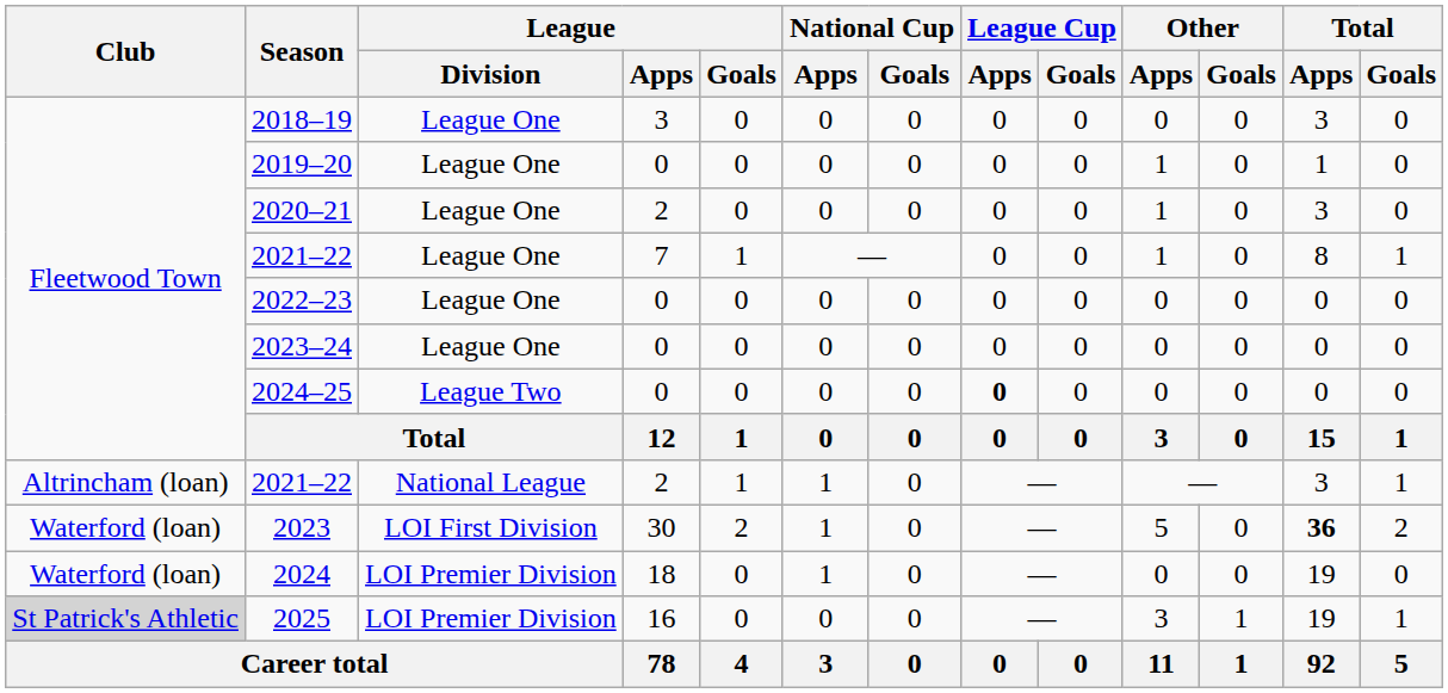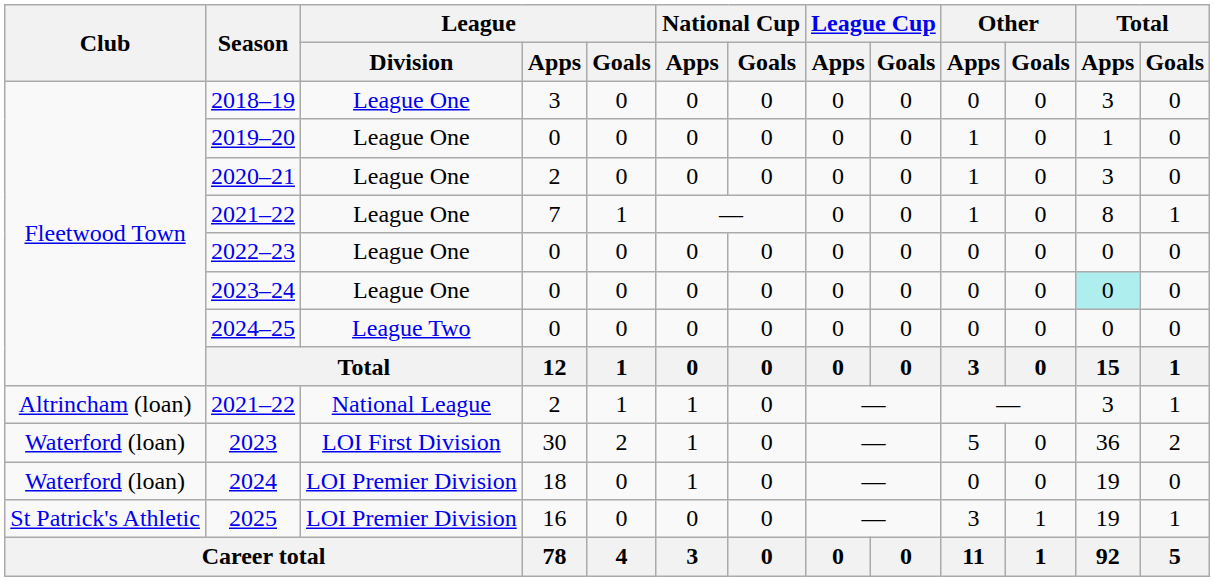 <table class=wikitable style="text-align: center">
 <tr>
 <th rowspan=2>Club</th>
 <th rowspan=2>Season</th>
 <th colspan=3>League</th>
 <th colspan=2>National Cup</th>
 <th colspan=2><a href='#'>League Cup</a></th>
 <th colspan=2>Other</th>
 <th colspan=2>Total</th>
 </tr>
 <tr>
 <th>Division</th>
 <th>Apps</th>
 <th>Goals</th>
 <th>Apps</th>
 <th>Goals</th>
 <th>Apps</th>
 <th>Goals</th>
 <th>Apps</th>
 <th>Goals</th>
 <th>Apps</th>
 <th>Goals</th>
 </tr>
 <tr>
 <td rowspan=8><a href='#'>Fleetwood Town</a></td>
 <td><a href='#'>2018–19</a></td>
 <td><a href='#'>League One</a></td>
 <td>3</td>
 <td>0</td>
 <td>0</td>
 <td>0</td>
 <td>0</td>
 <td>0</td>
 <td>0</td>
 <td>0</td>
 <td>3</td>
 <td>0</td>
 </tr>
 <tr>
 <td><a href='#'>2019–20</a></td>
 <td>League One</td>
 <td>0</td>
 <td>0</td>
 <td>0</td>
 <td>0</td>
 <td>0</td>
 <td>0</td>
 <td>1</td>
 <td>0</td>
 <td>1</td>
 <td>0</td>
 </tr>
 <tr>
 <td><a href='#'>2020–21</a></td>
 <td>League One</td>
 <td>2</td>
 <td>0</td>
 <td>0</td>
 <td>0</td>
 <td>0</td>
 <td>0</td>
 <td>1</td>
 <td>0</td>
 <td>3</td>
 <td>0</td>
 </tr>
 <tr>
 <td><a href='#'>2021–22</a></td>
 <td>League One</td>
 <td>7</td>
 <td>1</td>
 <td colspan=2>—</td>
 <td>0</td>
 <td>0</td>
 <td>1</td>
 <td>0</td>
 <td>8</td>
 <td>1</td>
 </tr>
 <tr>
 <td><a href='#'>2022–23</a></td>
 <td>League One</td>
 <td>0</td>
 <td>0</td>
 <td>0</td>
 <td>0</td>
 <td>0</td>
 <td>0</td>
 <td>0</td>
 <td>0</td>
 <td>0</td>
 <td>0</td>
 </tr>
 <tr>
 <td><a href='#'>2023–24</a></td>
 <td>League One</td>
 <td>0</td>
 <td>0</td>
 <td>0</td>
 <td>0</td>
 <td>0</td>
 <td>0</td>
 <td>0</td>
 <td>0</td>
-<td>0</td>
+<td style="background: paleturquoise;">0</td>
 <td>0</td>
 </tr>
 <tr>
 <td><a href='#'>2024–25</a></td>
 <td><a href='#'>League Two</a></td>
 <td>0</td>
 <td>0</td>
 <td>0</td>
 <td>0</td>
-<td><strong>0</strong></td>
+<td>0</td>
 <td>0</td>
 <td>0</td>
 <td>0</td>
 <td>0</td>
 <td>0</td>
 </tr>
 <tr>
 <th colspan=2>Total</th>
 <th>12</th>
 <th>1</th>
 <th>0</th>
 <th>0</th>
 <th>0</th>
 <th>0</th>
 <th>3</th>
 <th>0</th>
 <th>15</th>
 <th>1</th>
 </tr>
 <tr>
 <td><a href='#'>Altrincham</a> (loan)</td>
 <td><a href='#'>2021–22</a></td>
 <td><a href='#'>National League</a></td>
 <td>2</td>
 <td>1</td>
 <td>1</td>
 <td>0</td>
 <td colspan=2>—</td>
 <td colspan=2>—</td>
 <td>3</td>
 <td>1</td>
 </tr>
 <tr>
 <td><a href='#'>Waterford</a> (loan)</td>
 <td><a href='#'>2023</a></td>
 <td><a href='#'>LOI First Division</a></td>
 <td>30</td>
 <td>2</td>
 <td>1</td>
 <td>0</td>
 <td colspan=2>—</td>
 <td>5</td>
 <td>0</td>
-<td><strong>36</strong></td>
+<td>36</td>
 <td>2</td>
 </tr>
 <tr>
 <td><a href='#'>Waterford</a> (loan)</td>
 <td><a href='#'>2024</a></td>
 <td><a href='#'>LOI Premier Division</a></td>
 <td>18</td>
 <td>0</td>
 <td>1</td>
 <td>0</td>
 <td colspan=2>—</td>
 <td>0</td>
 <td>0</td>
 <td>19</td>
 <td>0</td>
 </tr>
 <tr>
-<td style="background: lightgrey;"><a href='#'>St Patrick's Athletic</a></td>
+<td><a href='#'>St Patrick's Athletic</a></td>
 <td><a href='#'>2025</a></td>
 <td><a href='#'>LOI Premier Division</a></td>
 <td>16</td>
 <td>0</td>
 <td>0</td>
 <td>0</td>
 <td colspan=2>—</td>
 <td>3</td>
 <td>1</td>
 <td>19</td>
 <td>1</td>
 </tr>
 <tr>
 <th colspan=3>Career total</th>
 <th>78</th>
 <th>4</th>
 <th>3</th>
 <th>0</th>
 <th>0</th>
 <th>0</th>
 <th>11</th>
 <th>1</th>
 <th>92</th>
 <th>5</th>
 </tr>
 </table>
